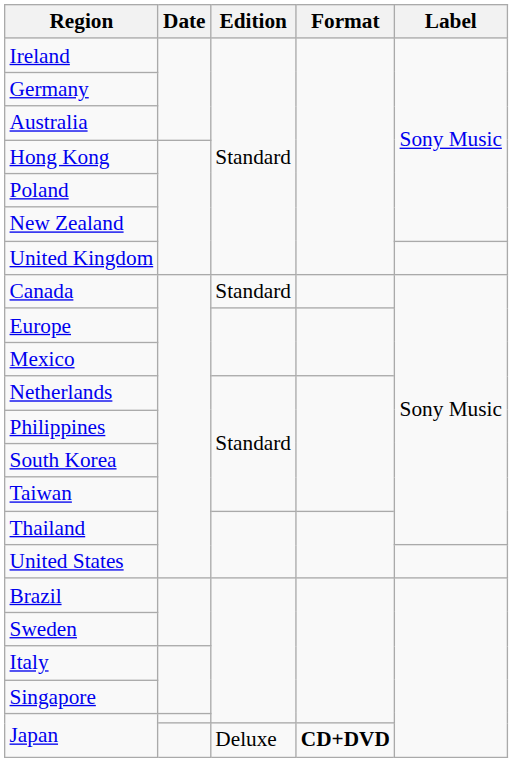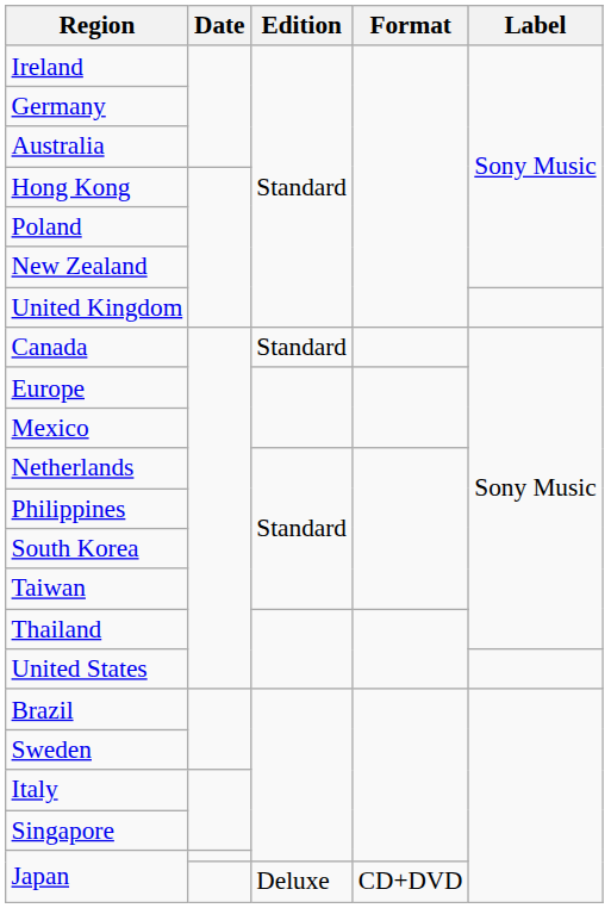 <table class="wikitable">
 <tr>
 <th>Region</th>
 <th>Date</th>
 <th>Edition</th>
 <th>Format</th>
 <th>Label</th>
 </tr>
 <tr>
 <td><a href='#'>Ireland</a></td>
 <td rowspan="3"></td>
 <td rowspan="7">Standard</td>
 <td rowspan="7"></td>
 <td rowspan="6"><a href='#'>Sony Music</a></td>
 </tr>
 <tr>
 <td><a href='#'>Germany</a></td>
 </tr>
 <tr>
 <td><a href='#'>Australia</a></td>
 </tr>
 <tr>
 <td><a href='#'>Hong Kong</a></td>
 <td rowspan="4"></td>
 </tr>
 <tr>
 <td><a href='#'>Poland</a></td>
 </tr>
 <tr>
 <td><a href='#'>New Zealand</a></td>
 </tr>
 <tr>
 <td><a href='#'>United Kingdom</a></td>
 <td></td>
 </tr>
 <tr>
 <td><a href='#'>Canada</a></td>
 <td rowspan="9"></td>
 <td>Standard</td>
 <td></td>
 <td rowspan="8">Sony Music</td>
 </tr>
 <tr>
 <td><a href='#'>Europe</a></td>
 <td rowspan="2"></td>
 <td rowspan="2"></td>
 </tr>
 <tr>
 <td><a href='#'>Mexico</a></td>
 </tr>
 <tr>
 <td><a href='#'>Netherlands</a></td>
 <td rowspan="4">Standard</td>
 <td rowspan="4"></td>
 </tr>
 <tr>
 <td><a href='#'>Philippines</a></td>
 </tr>
 <tr>
 <td><a href='#'>South Korea</a></td>
 </tr>
 <tr>
 <td><a href='#'>Taiwan</a></td>
 </tr>
 <tr>
 <td><a href='#'>Thailand</a></td>
 <td rowspan="2"></td>
 <td rowspan="2"></td>
 </tr>
 <tr>
 <td><a href='#'>United States</a></td>
 <td></td>
 </tr>
 <tr>
 <td><a href='#'>Brazil</a></td>
 <td rowspan="2"></td>
 <td rowspan="5"></td>
 <td rowspan="5"></td>
 <td rowspan="6"></td>
 </tr>
 <tr>
 <td><a href='#'>Sweden</a></td>
 </tr>
 <tr>
 <td><a href='#'>Italy</a></td>
 <td rowspan="2"></td>
 </tr>
 <tr>
 <td><a href='#'>Singapore</a></td>
 </tr>
 <tr>
 <td rowspan="2"><a href='#'>Japan</a></td>
 <td></td>
 </tr>
 <tr>
 <td></td>
 <td>Deluxe</td>
-<td><strong>CD+DVD</strong></td>
+<td>CD+DVD</td>
 </tr>
 </table>
